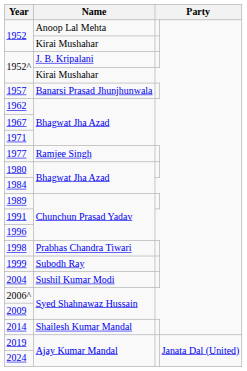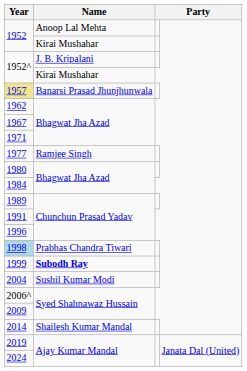 <table class="wikitable">
 <tr>
 <th>Year</th>
 <th>Name</th>
 <th colspan="2">Party</th>
 </tr>
 <tr>
 <td rowspan="2"><a href='#'>1952</a></td>
 <td>Anoop Lal Mehta</td>
 <td></td>
 </tr>
 <tr>
 <td>Kirai Mushahar</td>
 <td></td>
 </tr>
 <tr>
 <td rowspan="2">1952^</td>
 <td><a href='#'>J. B. Kripalani</a></td>
 <td></td>
 </tr>
 <tr>
 <td>Kirai Mushahar</td>
 </tr>
 <tr>
-<td><a href='#'>1957</a></td>
+<td style="background: khaki;"><a href='#'>1957</a></td>
 <td><a href='#'>Banarsi Prasad Jhunjhunwala</a></td>
 <td></td>
 </tr>
 <tr>
 <td><a href='#'>1962</a></td>
 <td rowspan="3"><a href='#'>Bhagwat Jha Azad</a></td>
 </tr>
 <tr>
 <td><a href='#'>1967</a></td>
 </tr>
 <tr>
 <td><a href='#'>1971</a></td>
 </tr>
 <tr>
 <td><a href='#'>1977</a></td>
 <td><a href='#'>Ramjee Singh</a></td>
 <td></td>
 </tr>
 <tr>
 <td><a href='#'>1980</a></td>
 <td rowspan="2"><a href='#'>Bhagwat Jha Azad</a></td>
 <td></td>
 </tr>
 <tr>
 <td><a href='#'>1984</a></td>
 </tr>
 <tr>
 <td><a href='#'>1989</a></td>
 <td rowspan="3"><a href='#'>Chunchun Prasad Yadav</a></td>
 <td></td>
 </tr>
 <tr>
 <td><a href='#'>1991</a></td>
 </tr>
 <tr>
 <td><a href='#'>1996</a></td>
 </tr>
 <tr>
-<td><a href='#'>1998</a></td>
+<td style="background: lightblue;"><a href='#'>1998</a></td>
 <td><a href='#'>Prabhas Chandra Tiwari</a></td>
 <td></td>
 </tr>
 <tr>
 <td><a href='#'>1999</a></td>
-<td><a href='#'>Subodh Ray</a></td>
+<td><strong><a href='#'>Subodh Ray</a></strong></td>
 <td></td>
 </tr>
 <tr>
 <td><a href='#'>2004</a></td>
 <td><a href='#'>Sushil Kumar Modi</a></td>
 <td></td>
 </tr>
 <tr>
 <td>2006^</td>
 <td rowspan="2"><a href='#'>Syed Shahnawaz Hussain</a></td>
 </tr>
 <tr>
 <td><a href='#'>2009</a></td>
 </tr>
 <tr>
 <td><a href='#'>2014</a></td>
 <td><a href='#'>Shailesh Kumar Mandal</a></td>
 <td></td>
 </tr>
 <tr>
 <td><a href='#'>2019</a></td>
 <td rowspan="2"><a href='#'>Ajay Kumar Mandal</a></td>
 <td rowspan="2" style="background-color: "></td>
 <td rowspan="2”"><a href='#'>Janata Dal (United)</a></td>
 </tr>
 <tr>
 <td><a href='#'>2024</a></td>
 </tr>
 </table>
